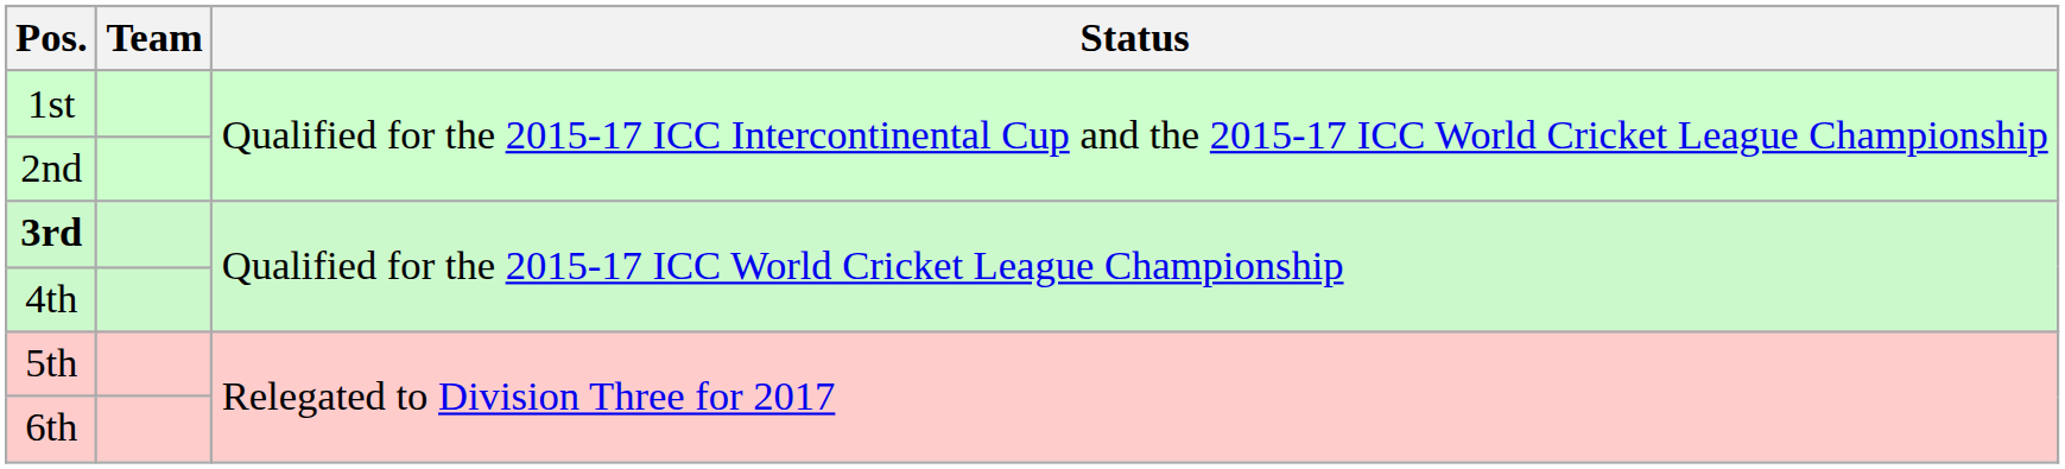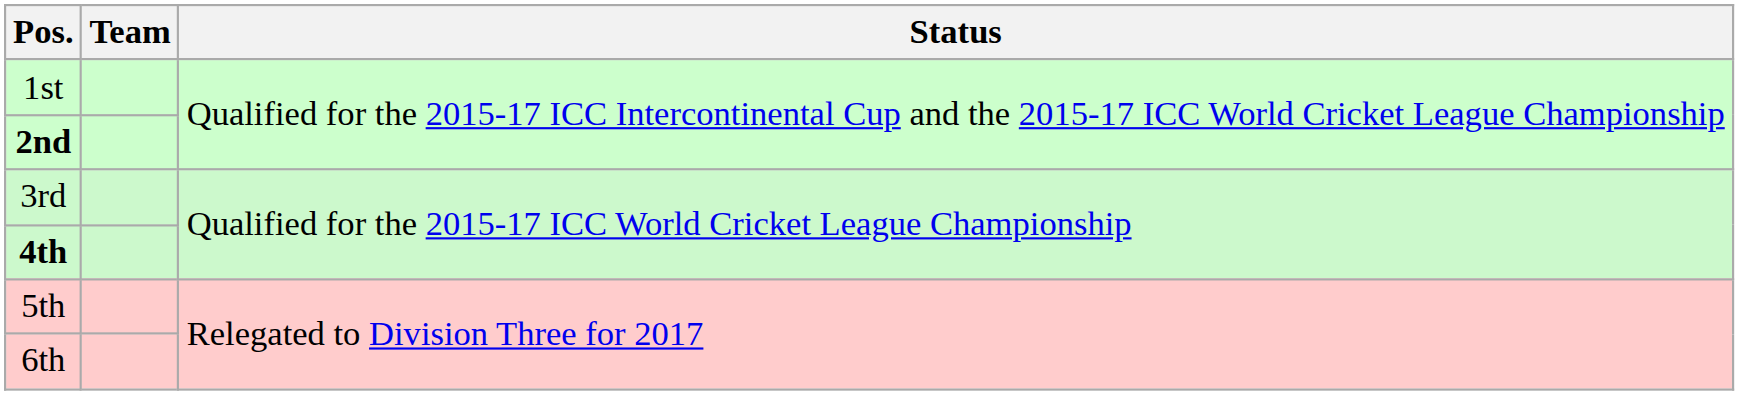 <table class="wikitable">
 <tr>
 <th>Pos.</th>
 <th>Team</th>
 <th>Status</th>
 </tr>
 <tr style="background:#cfc">
 <td align= "center">1st</td>
 <td></td>
 <td rowspan=2>Qualified for the <a href='#'>2015-17 ICC Intercontinental Cup</a> and the <a href='#'>2015-17 ICC World Cricket League Championship</a></td>
 </tr>
 <tr style="background:#cfc">
-<td align="center">2nd</td>
+<td align="center"><strong>2nd</strong></td>
 <td></td>
 </tr>
 <tr style="background:#CCF9CC">
-<td align="center"><strong>3rd</strong></td>
+<td align="center">3rd</td>
 <td></td>
 <td rowspan=2>Qualified for the <a href='#'>2015-17 ICC World Cricket League Championship</a></td>
 </tr>
 <tr style="background:#CCF9CC">
-<td align="center">4th</td>
+<td align="center"><strong>4th</strong></td>
 <td></td>
 </tr>
 <tr style="background:#fcc">
 <td align="center">5th</td>
 <td></td>
 <td rowspan=2>Relegated to <a href='#'>Division Three for 2017</a></td>
 </tr>
 <tr style="background:#fcc">
 <td align="center">6th</td>
 <td></td>
 </tr>
 </table>
